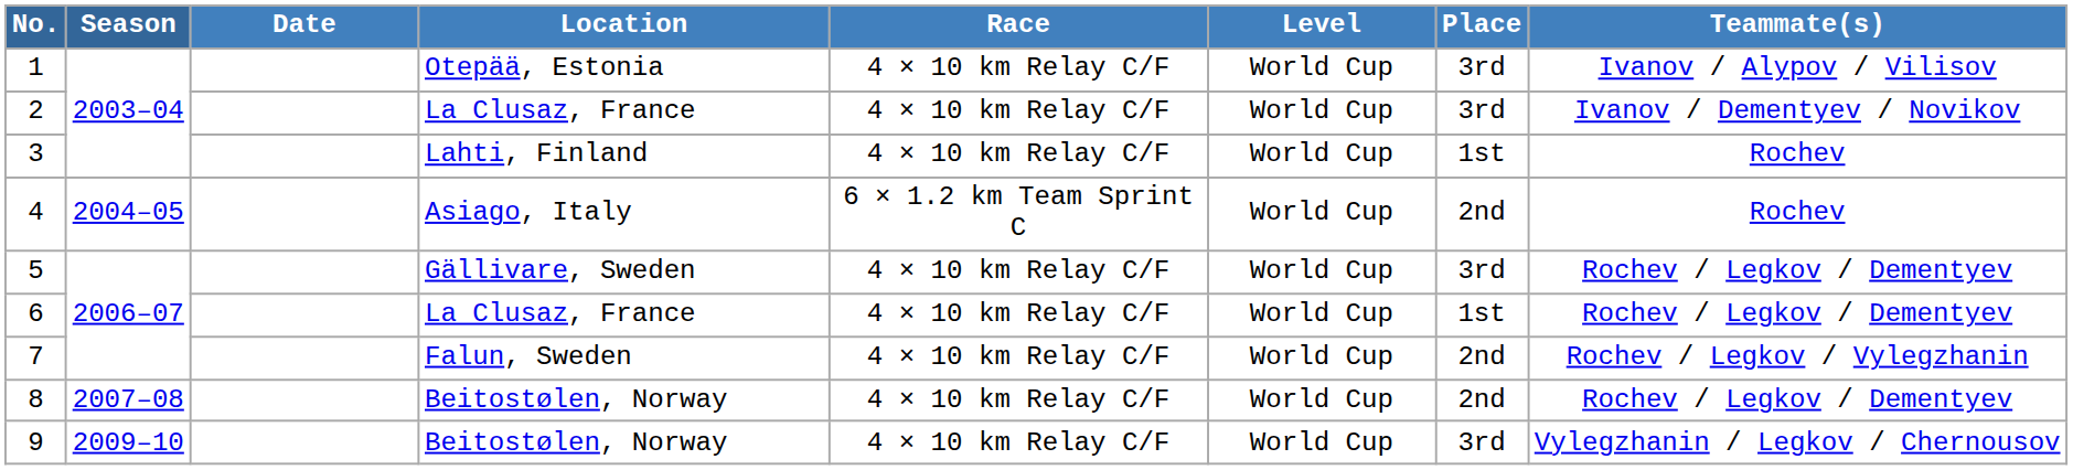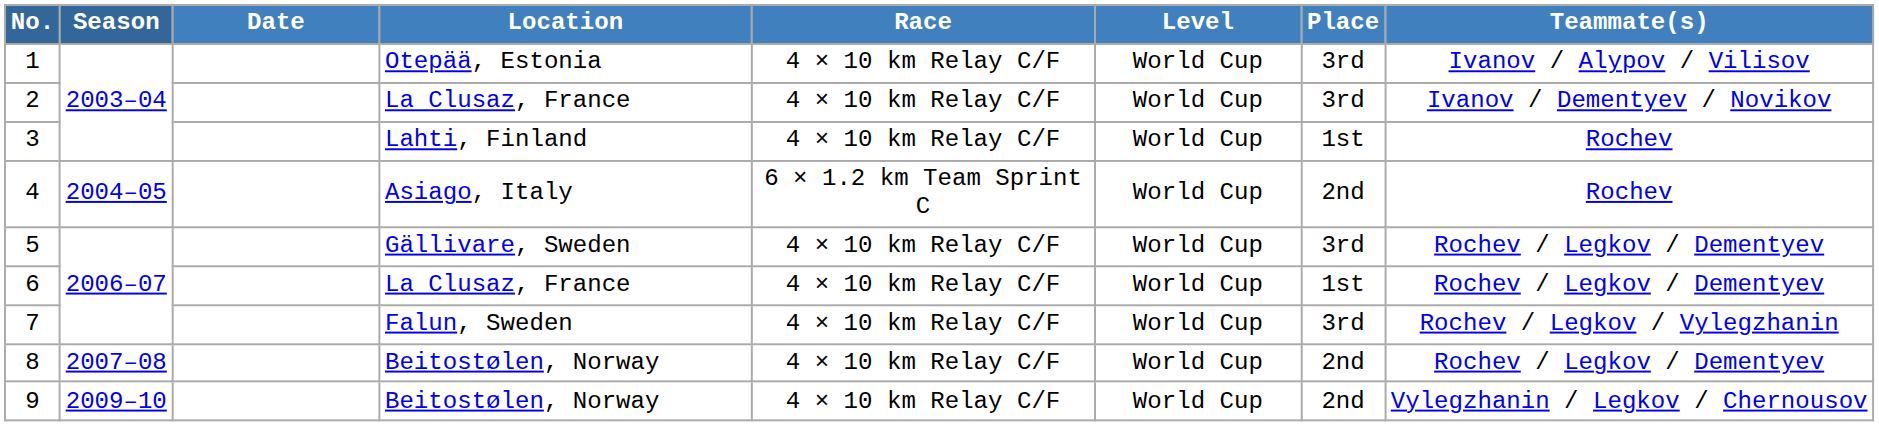 <table class="wikitable sortable" style="font-size:95%; text-align:center; border:grey solid 1px; border-collapse:collapse; background:#ffffff;">
 <tr style="background:#efefef;">
 <th style="background-color:#369; color:white;">No.</th>
 <th style="background-color:#369; color:white;">Season</th>
 <th style="background-color:#4180be; color:white; width:100px;">Date</th>
 <th style="background-color:#4180be; color:white; width:185px;">Location</th>
 <th style="background-color:#4180be; color:white; width:170px;">Race</th>
 <th style="background-color:#4180be; color:white; width:100px;">Level</th>
 <th style="background-color:#4180be; color:white;">Place</th>
 <th style="background-color:#4180be; color:white;">Teammate(s)</th>
 </tr>
 <tr>
 <td>1</td>
 <td rowspan="3"><a href='#'>2003–04</a></td>
 <td style="text-align: right;"></td>
 <td style="text-align: left;"> <a href='#'>Otepää</a>, Estonia</td>
 <td>4 × 10 km Relay C/F</td>
 <td>World Cup</td>
 <td>3rd</td>
 <td><a href='#'>Ivanov</a> / <a href='#'>Alypov</a> / <a href='#'>Vilisov</a></td>
 </tr>
 <tr>
 <td>2</td>
 <td style="text-align: right;"></td>
 <td style="text-align: left;"> <a href='#'>La Clusaz</a>, France</td>
 <td>4 × 10 km Relay C/F</td>
 <td>World Cup</td>
 <td>3rd</td>
 <td><a href='#'>Ivanov</a> / <a href='#'>Dementyev</a> / <a href='#'>Novikov</a></td>
 </tr>
 <tr>
 <td>3</td>
 <td style="text-align: right;"></td>
 <td style="text-align: left;"> <a href='#'>Lahti</a>, Finland</td>
 <td>4 × 10 km Relay C/F</td>
 <td>World Cup</td>
 <td>1st</td>
 <td><a href='#'>Rochev</a></td>
 </tr>
 <tr>
 <td>4</td>
 <td><a href='#'>2004–05</a></td>
 <td style="text-align: right;"></td>
 <td style="text-align: left;"> <a href='#'>Asiago</a>, Italy</td>
 <td>6 × 1.2 km Team Sprint C</td>
 <td>World Cup</td>
 <td>2nd</td>
 <td><a href='#'>Rochev</a></td>
 </tr>
 <tr>
 <td>5</td>
 <td rowspan="3"><a href='#'>2006–07</a></td>
 <td style="text-align: right;"></td>
 <td style="text-align: left;"> <a href='#'>Gällivare</a>, Sweden</td>
 <td>4 × 10 km Relay C/F</td>
 <td>World Cup</td>
 <td>3rd</td>
 <td><a href='#'>Rochev</a> / <a href='#'>Legkov</a> / <a href='#'>Dementyev</a></td>
 </tr>
 <tr>
 <td>6</td>
 <td style="text-align: right;"></td>
 <td style="text-align: left;"> <a href='#'>La Clusaz</a>, France</td>
 <td>4 × 10 km Relay C/F</td>
 <td>World Cup</td>
 <td>1st</td>
 <td><a href='#'>Rochev</a> / <a href='#'>Legkov</a> / <a href='#'>Dementyev</a></td>
 </tr>
 <tr>
 <td>7</td>
 <td style="text-align: right;"></td>
 <td style="text-align: left;"> <a href='#'>Falun</a>, Sweden</td>
 <td>4 × 10 km Relay C/F</td>
 <td>World Cup</td>
-<td>2nd</td>
+<td>3rd</td>
 <td><a href='#'>Rochev</a> / <a href='#'>Legkov</a> / <a href='#'>Vylegzhanin</a></td>
 </tr>
 <tr>
 <td>8</td>
 <td><a href='#'>2007–08</a></td>
 <td style="text-align: right;"></td>
 <td style="text-align: left;"> <a href='#'>Beitostølen</a>, Norway</td>
 <td>4 × 10 km Relay C/F</td>
 <td>World Cup</td>
 <td>2nd</td>
 <td><a href='#'>Rochev</a> / <a href='#'>Legkov</a> / <a href='#'>Dementyev</a></td>
 </tr>
 <tr>
 <td>9</td>
 <td><a href='#'>2009–10</a></td>
 <td style="text-align: right;"></td>
 <td style="text-align: left;"> <a href='#'>Beitostølen</a>, Norway</td>
 <td>4 × 10 km Relay C/F</td>
 <td>World Cup</td>
-<td>3rd</td>
+<td>2nd</td>
 <td><a href='#'>Vylegzhanin</a> / <a href='#'>Legkov</a> / <a href='#'>Chernousov</a></td>
 </tr>
 </table>
